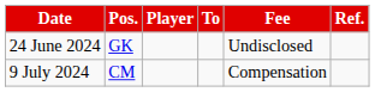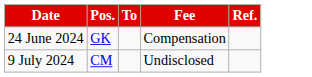 <table class="wikitable plainrowheaders sortable">
 <tr>
 <th style="background:#E00000;color:white;">Date</th>
 <th style="background:#E00000;color:white;">Pos.</th>
-<th style="background:#E00000;color:white;">Player</th>
 <th style="background:#E00000;color:white;">To</th>
 <th style="background:#E00000;color:white;">Fee</th>
 <th style="background:#E00000;color:white;">Ref.</th>
 </tr>
 <tr>
 <td>24 June 2024</td>
 <td><a href='#'>GK</a></td>
 <td></td>
-<td></td>
-<td>Undisclosed</td>
+<td>Compensation</td>
 <td></td>
 </tr>
 <tr>
 <td>9 July 2024</td>
 <td><a href='#'>CM</a></td>
 <td></td>
-<td></td>
-<td>Compensation</td>
+<td>Undisclosed</td>
 <td></td>
 </tr>
 </table>
